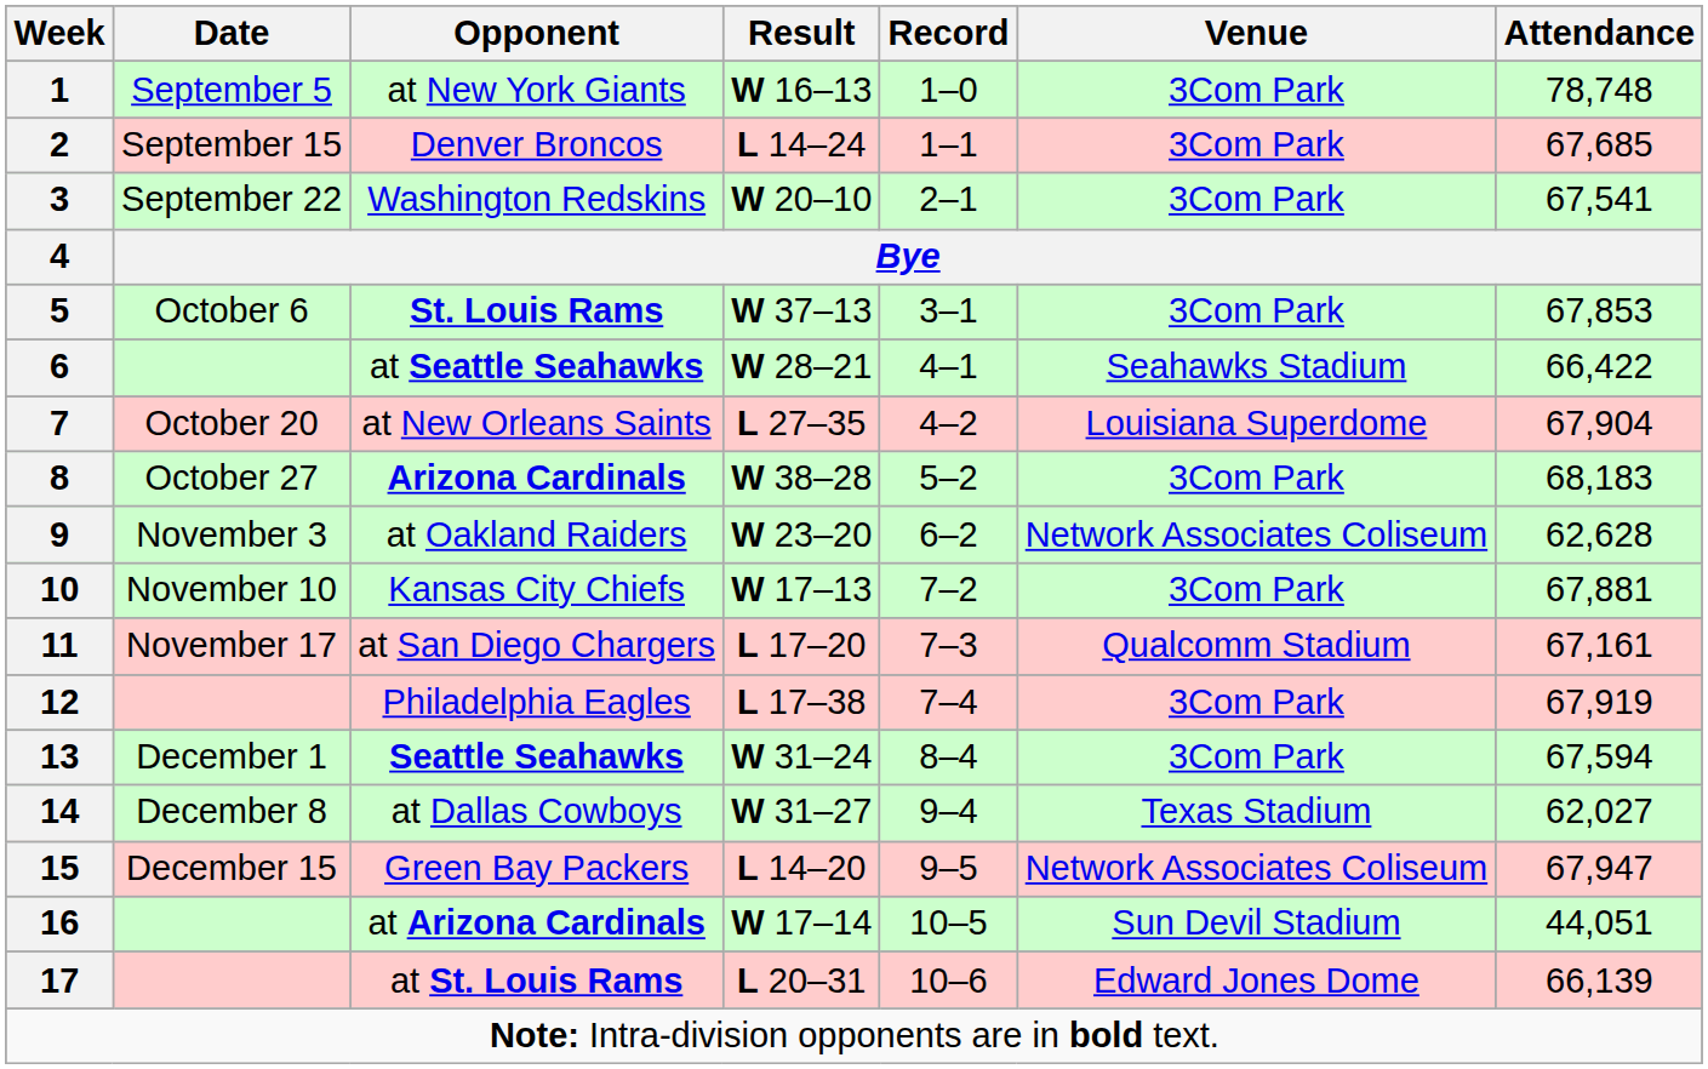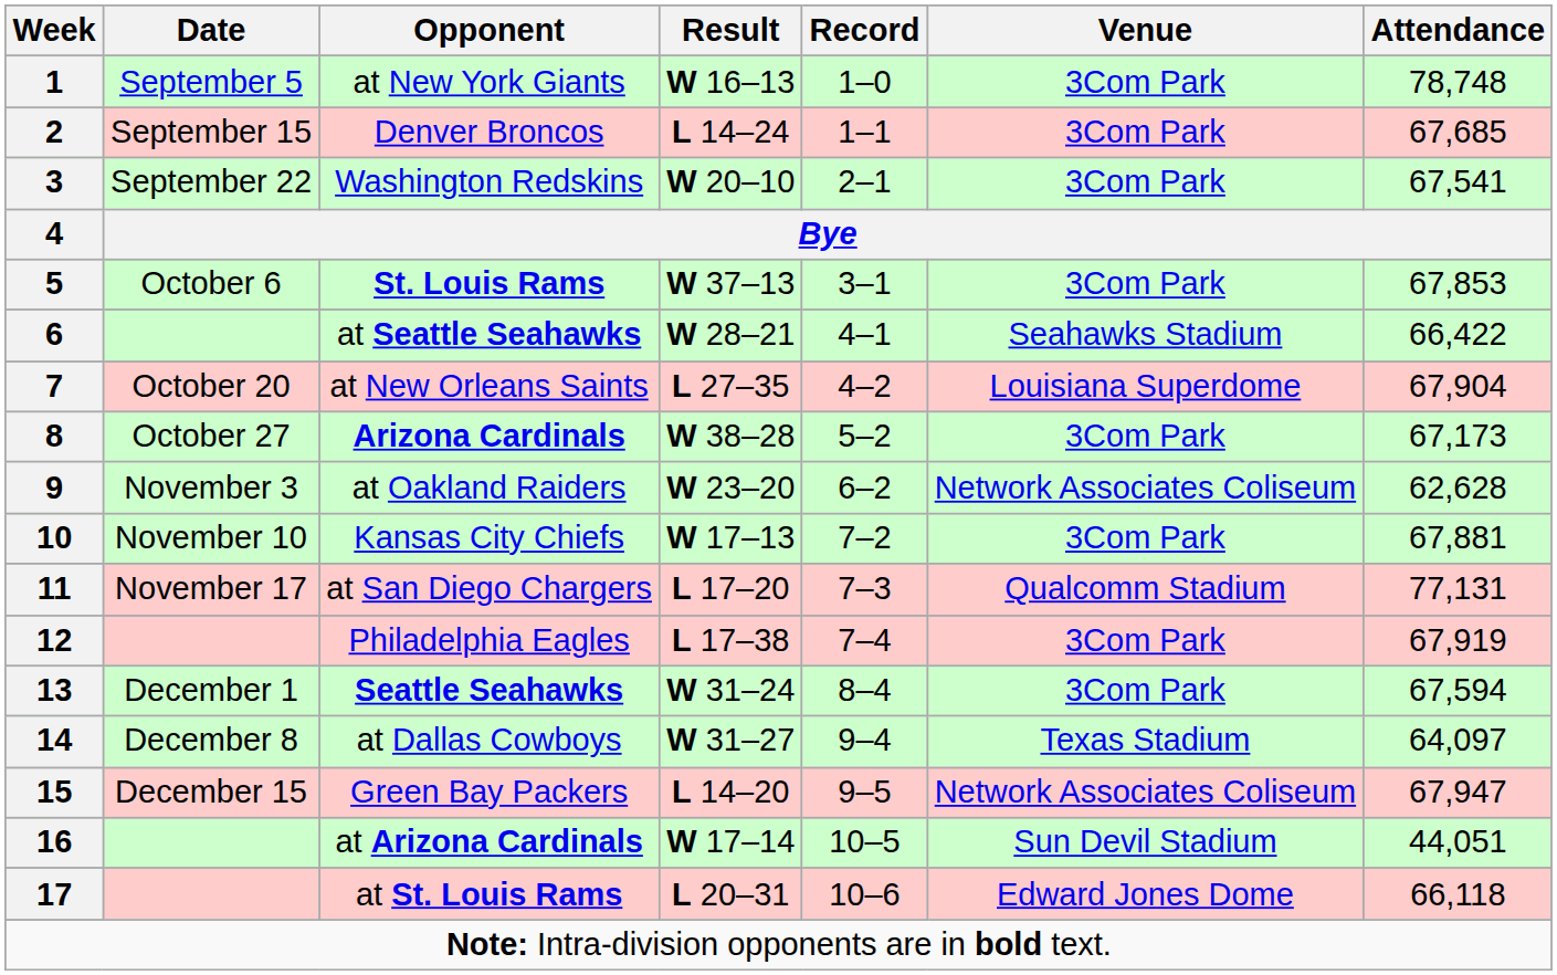 <table class="wikitable" style="text-align:center">
 <tr>
 <th>Week</th>
 <th>Date</th>
 <th>Opponent</th>
 <th>Result</th>
 <th>Record</th>
 <th>Venue</th>
 <th>Attendance</th>
 </tr>
 <tr style="background:#cfc">
 <th>1</th>
 <td><a href='#'>September 5</a></td>
 <td>at <a href='#'>New York Giants</a></td>
 <td><strong>W</strong> 16–13</td>
 <td>1–0</td>
 <td><a href='#'>3Com Park</a></td>
 <td>78,748</td>
 </tr>
 <tr style="background:#fcc">
 <th>2</th>
 <td>September 15</td>
 <td><a href='#'>Denver Broncos</a></td>
 <td><strong>L</strong> 14–24</td>
 <td>1–1</td>
 <td><a href='#'>3Com Park</a></td>
 <td>67,685</td>
 </tr>
 <tr style="background:#cfc">
 <th>3</th>
 <td>September 22</td>
 <td><a href='#'>Washington Redskins</a></td>
 <td><strong>W</strong> 20–10</td>
 <td>2–1</td>
 <td><a href='#'>3Com Park</a></td>
 <td>67,541</td>
 </tr>
 <tr>
 <th>4</th>
 <th colspan=6><em><a href='#'>Bye</a></em></th>
 </tr>
 <tr style="background:#cfc">
 <th>5</th>
 <td>October 6</td>
 <td><strong><a href='#'>St. Louis Rams</a></strong></td>
 <td><strong>W</strong> 37–13</td>
 <td>3–1</td>
 <td><a href='#'>3Com Park</a></td>
 <td>67,853</td>
 </tr>
 <tr style="background:#cfc">
 <th>6</th>
 <td></td>
 <td>at <strong><a href='#'>Seattle Seahawks</a></strong></td>
 <td><strong>W</strong> 28–21</td>
 <td>4–1</td>
 <td><a href='#'>Seahawks Stadium</a></td>
 <td>66,422</td>
 </tr>
 <tr style="background:#fcc">
 <th>7</th>
 <td>October 20</td>
 <td>at <a href='#'>New Orleans Saints</a></td>
 <td><strong>L</strong> 27–35</td>
 <td>4–2</td>
 <td><a href='#'>Louisiana Superdome</a></td>
 <td>67,904</td>
 </tr>
 <tr style="background:#cfc">
 <th>8</th>
 <td>October 27</td>
 <td><strong><a href='#'>Arizona Cardinals</a></strong></td>
 <td><strong>W</strong> 38–28</td>
 <td>5–2</td>
 <td><a href='#'>3Com Park</a></td>
-<td>68,183</td>
+<td>67,173</td>
 </tr>
 <tr style="background:#cfc">
 <th>9</th>
 <td>November 3</td>
 <td>at <a href='#'>Oakland Raiders</a></td>
 <td><strong>W</strong> 23–20 </td>
 <td>6–2</td>
 <td><a href='#'>Network Associates Coliseum</a></td>
 <td>62,628</td>
 </tr>
 <tr style="background:#cfc">
 <th>10</th>
 <td>November 10</td>
 <td><a href='#'>Kansas City Chiefs</a></td>
 <td><strong>W</strong> 17–13</td>
 <td>7–2</td>
 <td><a href='#'>3Com Park</a></td>
 <td>67,881</td>
 </tr>
 <tr style="background:#fcc">
 <th>11</th>
 <td>November 17</td>
 <td>at <a href='#'>San Diego Chargers</a></td>
 <td><strong>L</strong> 17–20 </td>
 <td>7–3</td>
 <td><a href='#'>Qualcomm Stadium</a></td>
-<td>67,161</td>
+<td>77,131</td>
 </tr>
 <tr style="background:#fcc">
 <th>12</th>
 <td></td>
 <td><a href='#'>Philadelphia Eagles</a></td>
 <td><strong>L</strong> 17–38</td>
 <td>7–4</td>
 <td><a href='#'>3Com Park</a></td>
 <td>67,919</td>
 </tr>
 <tr style="background:#cfc">
 <th>13</th>
 <td>December 1</td>
 <td><strong><a href='#'>Seattle Seahawks</a></strong></td>
 <td><strong>W</strong> 31–24</td>
 <td>8–4</td>
 <td><a href='#'>3Com Park</a></td>
 <td>67,594</td>
 </tr>
 <tr style="background:#cfc">
 <th>14</th>
 <td>December 8</td>
 <td>at <a href='#'>Dallas Cowboys</a></td>
 <td><strong>W</strong> 31–27</td>
 <td>9–4</td>
 <td><a href='#'>Texas Stadium</a></td>
-<td>62,027</td>
+<td>64,097</td>
 </tr>
 <tr style="background:#fcc">
 <th>15</th>
 <td>December 15</td>
 <td><a href='#'>Green Bay Packers</a></td>
 <td><strong>L</strong> 14–20</td>
 <td>9–5</td>
 <td><a href='#'>Network Associates Coliseum</a></td>
 <td>67,947</td>
 </tr>
 <tr style="background:#cfc">
 <th>16</th>
 <td></td>
 <td>at <strong><a href='#'>Arizona Cardinals</a></strong></td>
 <td><strong>W</strong> 17–14</td>
 <td>10–5</td>
 <td><a href='#'>Sun Devil Stadium</a></td>
 <td>44,051</td>
 </tr>
 <tr style="background:#fcc">
 <th>17</th>
 <td></td>
 <td>at <strong><a href='#'>St. Louis Rams</a></strong></td>
 <td><strong>L</strong> 20–31</td>
 <td>10–6</td>
 <td><a href='#'>Edward Jones Dome</a></td>
-<td>66,139</td>
+<td>66,118</td>
 </tr>
 <tr>
 <td colspan="8"><strong>Note:</strong> Intra-division opponents are in <strong>bold</strong> text.</td>
 </tr>
 </table>
